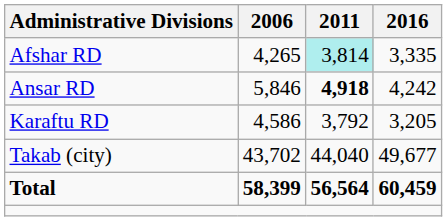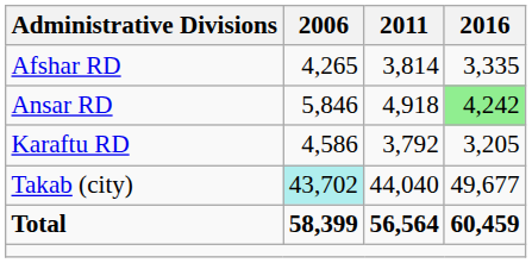 <table class="wikitable">
 <tr>
 <th>Administrative Divisions</th>
 <th>2006</th>
 <th>2011</th>
 <th>2016</th>
 </tr>
 <tr>
 <td><a href='#'>Afshar RD</a></td>
 <td style="text-align: right;">4,265</td>
-<td style="background: paleturquoise; text-align: right;">3,814</td>
+<td style="text-align: right;">3,814</td>
 <td style="text-align: right;">3,335</td>
 </tr>
 <tr>
 <td><a href='#'>Ansar RD</a></td>
 <td style="text-align: right;">5,846</td>
-<td style="text-align: right;"><strong>4,918</strong></td>
-<td style="text-align: right;">4,242</td>
+<td style="text-align: right;">4,918</td>
+<td style="background: lightgreen; text-align: right;">4,242</td>
 </tr>
 <tr>
 <td><a href='#'>Karaftu RD</a></td>
 <td style="text-align: right;">4,586</td>
 <td style="text-align: right;">3,792</td>
 <td style="text-align: right;">3,205</td>
 </tr>
 <tr>
 <td><a href='#'>Takab</a> (city)</td>
-<td style="text-align: right;">43,702</td>
+<td style="background: paleturquoise; text-align: right;">43,702</td>
 <td style="text-align: right;">44,040</td>
 <td style="text-align: right;">49,677</td>
 </tr>
 <tr>
 <td><strong>Total</strong></td>
 <td style="text-align: right;"><strong>58,399</strong></td>
 <td style="text-align: right;"><strong>56,564</strong></td>
 <td style="text-align: right;"><strong>60,459</strong></td>
 </tr>
 <tr>
 <td colspan=4></td>
 </tr>
 </table>
